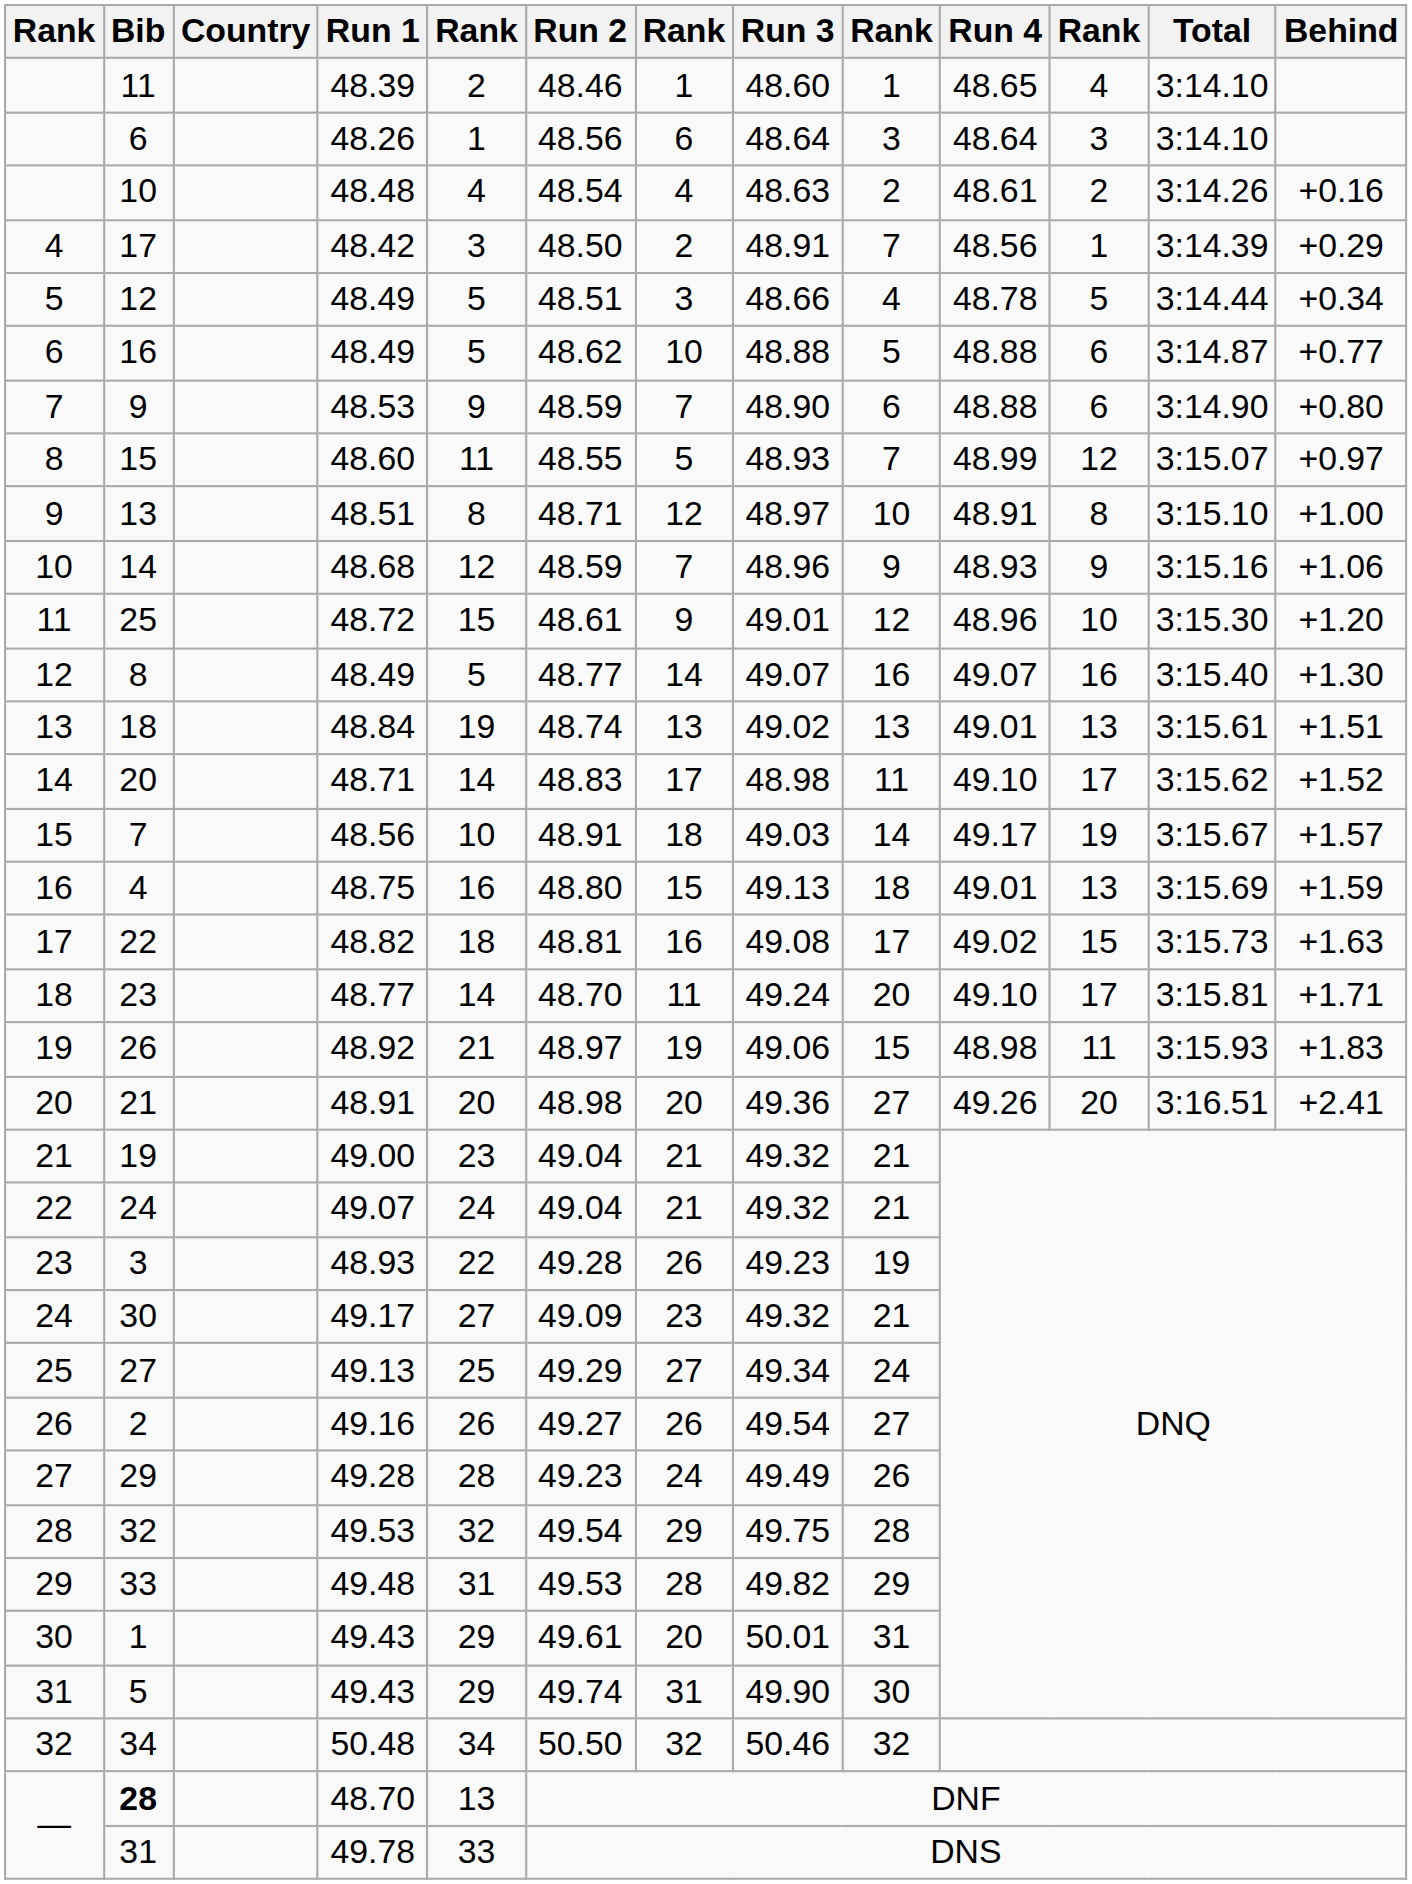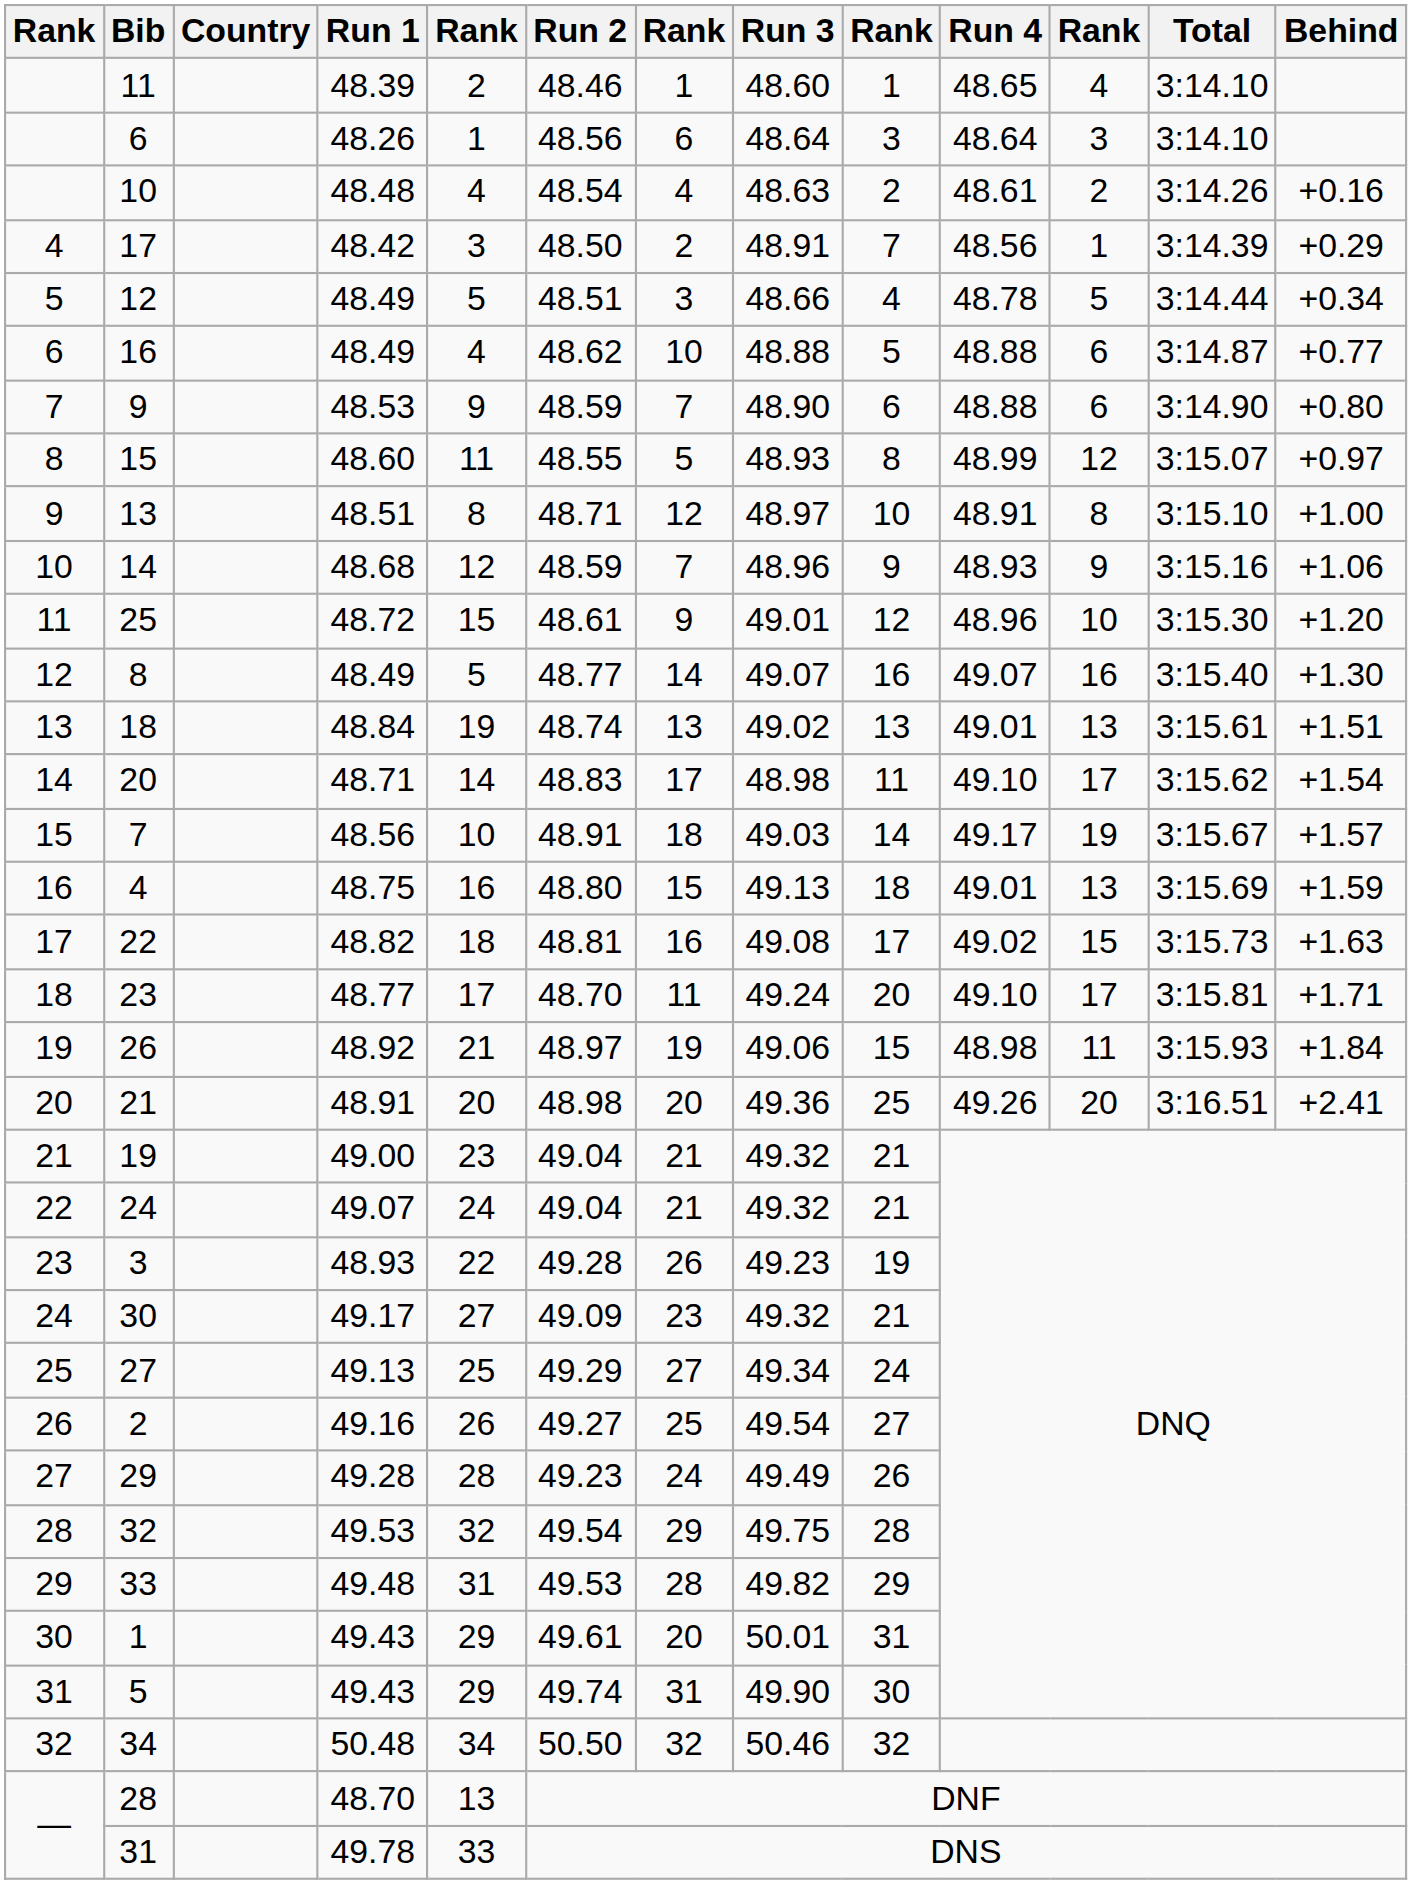 <table class="wikitable sortable" style="text-align:center">
 <tr>
 <th>Rank</th>
 <th>Bib</th>
 <th>Country</th>
 <th>Run 1</th>
 <th>Rank</th>
 <th>Run 2</th>
 <th>Rank</th>
 <th>Run 3</th>
 <th>Rank</th>
 <th>Run 4</th>
 <th>Rank</th>
 <th>Total</th>
 <th>Behind</th>
 </tr>
 <tr>
 <td></td>
 <td>11</td>
 <td align=left></td>
 <td>48.39</td>
 <td>2</td>
 <td>48.46</td>
 <td>1</td>
 <td>48.60</td>
 <td>1</td>
 <td>48.65</td>
 <td>4</td>
 <td>3:14.10</td>
 <td></td>
 </tr>
 <tr>
 <td></td>
 <td>6</td>
 <td align=left></td>
 <td>48.26</td>
 <td>1</td>
 <td>48.56</td>
 <td>6</td>
 <td>48.64</td>
 <td>3</td>
 <td>48.64</td>
 <td>3</td>
 <td>3:14.10</td>
 <td></td>
 </tr>
 <tr>
 <td></td>
 <td>10</td>
 <td align=left></td>
 <td>48.48</td>
 <td>4</td>
 <td>48.54</td>
 <td>4</td>
 <td>48.63</td>
 <td>2</td>
 <td>48.61</td>
 <td>2</td>
 <td>3:14.26</td>
 <td>+0.16</td>
 </tr>
 <tr>
 <td>4</td>
 <td>17</td>
 <td align=left></td>
 <td>48.42</td>
 <td>3</td>
 <td>48.50</td>
 <td>2</td>
 <td>48.91</td>
 <td>7</td>
 <td>48.56</td>
 <td>1</td>
 <td>3:14.39</td>
 <td>+0.29</td>
 </tr>
 <tr>
 <td>5</td>
 <td>12</td>
 <td align=left></td>
 <td>48.49</td>
 <td>5</td>
 <td>48.51</td>
 <td>3</td>
 <td>48.66</td>
 <td>4</td>
 <td>48.78</td>
 <td>5</td>
 <td>3:14.44</td>
 <td>+0.34</td>
 </tr>
 <tr>
 <td>6</td>
 <td>16</td>
 <td align=left></td>
 <td>48.49</td>
-<td>5</td>
+<td>4</td>
 <td>48.62</td>
 <td>10</td>
 <td>48.88</td>
 <td>5</td>
 <td>48.88</td>
 <td>6</td>
 <td>3:14.87</td>
 <td>+0.77</td>
 </tr>
 <tr>
 <td>7</td>
 <td>9</td>
 <td align=left></td>
 <td>48.53</td>
 <td>9</td>
 <td>48.59</td>
 <td>7</td>
 <td>48.90</td>
 <td>6</td>
 <td>48.88</td>
 <td>6</td>
 <td>3:14.90</td>
 <td>+0.80</td>
 </tr>
 <tr>
 <td>8</td>
 <td>15</td>
 <td align=left></td>
 <td>48.60</td>
 <td>11</td>
 <td>48.55</td>
 <td>5</td>
 <td>48.93</td>
-<td>7</td>
+<td>8</td>
 <td>48.99</td>
 <td>12</td>
 <td>3:15.07</td>
 <td>+0.97</td>
 </tr>
 <tr>
 <td>9</td>
 <td>13</td>
 <td align=left></td>
 <td>48.51</td>
 <td>8</td>
 <td>48.71</td>
 <td>12</td>
 <td>48.97</td>
 <td>10</td>
 <td>48.91</td>
 <td>8</td>
 <td>3:15.10</td>
 <td>+1.00</td>
 </tr>
 <tr>
 <td>10</td>
 <td>14</td>
 <td align=left></td>
 <td>48.68</td>
 <td>12</td>
 <td>48.59</td>
 <td>7</td>
 <td>48.96</td>
 <td>9</td>
 <td>48.93</td>
 <td>9</td>
 <td>3:15.16</td>
 <td>+1.06</td>
 </tr>
 <tr>
 <td>11</td>
 <td>25</td>
 <td align=left></td>
 <td>48.72</td>
 <td>15</td>
 <td>48.61</td>
 <td>9</td>
 <td>49.01</td>
 <td>12</td>
 <td>48.96</td>
 <td>10</td>
 <td>3:15.30</td>
 <td>+1.20</td>
 </tr>
 <tr>
 <td>12</td>
 <td>8</td>
 <td align=left></td>
 <td>48.49</td>
 <td>5</td>
 <td>48.77</td>
 <td>14</td>
 <td>49.07</td>
 <td>16</td>
 <td>49.07</td>
 <td>16</td>
 <td>3:15.40</td>
 <td>+1.30</td>
 </tr>
 <tr>
 <td>13</td>
 <td>18</td>
 <td align=left></td>
 <td>48.84</td>
 <td>19</td>
 <td>48.74</td>
 <td>13</td>
 <td>49.02</td>
 <td>13</td>
 <td>49.01</td>
 <td>13</td>
 <td>3:15.61</td>
 <td>+1.51</td>
 </tr>
 <tr>
 <td>14</td>
 <td>20</td>
 <td align=left></td>
 <td>48.71</td>
 <td>14</td>
 <td>48.83</td>
 <td>17</td>
 <td>48.98</td>
 <td>11</td>
 <td>49.10</td>
 <td>17</td>
 <td>3:15.62</td>
-<td>+1.52</td>
+<td>+1.54</td>
 </tr>
 <tr>
 <td>15</td>
 <td>7</td>
 <td align=left></td>
 <td>48.56</td>
 <td>10</td>
 <td>48.91</td>
 <td>18</td>
 <td>49.03</td>
 <td>14</td>
 <td>49.17</td>
 <td>19</td>
 <td>3:15.67</td>
 <td>+1.57</td>
 </tr>
 <tr>
 <td>16</td>
 <td>4</td>
 <td align=left></td>
 <td>48.75</td>
 <td>16</td>
 <td>48.80</td>
 <td>15</td>
 <td>49.13</td>
 <td>18</td>
 <td>49.01</td>
 <td>13</td>
 <td>3:15.69</td>
 <td>+1.59</td>
 </tr>
 <tr>
 <td>17</td>
 <td>22</td>
 <td align=left></td>
 <td>48.82</td>
 <td>18</td>
 <td>48.81</td>
 <td>16</td>
 <td>49.08</td>
 <td>17</td>
 <td>49.02</td>
 <td>15</td>
 <td>3:15.73</td>
 <td>+1.63</td>
 </tr>
 <tr>
 <td>18</td>
 <td>23</td>
 <td align=left></td>
 <td>48.77</td>
-<td>14</td>
+<td>17</td>
 <td>48.70</td>
 <td>11</td>
 <td>49.24</td>
 <td>20</td>
 <td>49.10</td>
 <td>17</td>
 <td>3:15.81</td>
 <td>+1.71</td>
 </tr>
 <tr>
 <td>19</td>
 <td>26</td>
 <td align=left></td>
 <td>48.92</td>
 <td>21</td>
 <td>48.97</td>
 <td>19</td>
 <td>49.06</td>
 <td>15</td>
 <td>48.98</td>
 <td>11</td>
 <td>3:15.93</td>
-<td>+1.83</td>
+<td>+1.84</td>
 </tr>
 <tr>
 <td>20</td>
 <td>21</td>
 <td align=left></td>
 <td>48.91</td>
 <td>20</td>
 <td>48.98</td>
 <td>20</td>
 <td>49.36</td>
-<td>27</td>
+<td>25</td>
 <td>49.26</td>
 <td>20</td>
 <td>3:16.51</td>
 <td>+2.41</td>
 </tr>
 <tr>
 <td>21</td>
 <td>19</td>
 <td align=left></td>
 <td>49.00</td>
 <td>23</td>
 <td>49.04</td>
 <td>21</td>
 <td>49.32</td>
 <td>21</td>
 <td rowspan=11 colspan=4>DNQ</td>
 </tr>
 <tr>
 <td>22</td>
 <td>24</td>
 <td align=left></td>
 <td>49.07</td>
 <td>24</td>
 <td>49.04</td>
 <td>21</td>
 <td>49.32</td>
 <td>21</td>
 </tr>
 <tr>
 <td>23</td>
 <td>3</td>
 <td align=left></td>
 <td>48.93</td>
 <td>22</td>
 <td>49.28</td>
 <td>26</td>
 <td>49.23</td>
 <td>19</td>
 </tr>
 <tr>
 <td>24</td>
 <td>30</td>
 <td align=left></td>
 <td>49.17</td>
 <td>27</td>
 <td>49.09</td>
 <td>23</td>
 <td>49.32</td>
 <td>21</td>
 </tr>
 <tr>
 <td>25</td>
 <td>27</td>
 <td align=left></td>
 <td>49.13</td>
 <td>25</td>
 <td>49.29</td>
 <td>27</td>
 <td>49.34</td>
 <td>24</td>
 </tr>
 <tr>
 <td>26</td>
 <td>2</td>
 <td align=left></td>
 <td>49.16</td>
 <td>26</td>
 <td>49.27</td>
-<td>26</td>
+<td>25</td>
 <td>49.54</td>
 <td>27</td>
 </tr>
 <tr>
 <td>27</td>
 <td>29</td>
 <td align=left></td>
 <td>49.28</td>
 <td>28</td>
 <td>49.23</td>
 <td>24</td>
 <td>49.49</td>
 <td>26</td>
 </tr>
 <tr>
 <td>28</td>
 <td>32</td>
 <td align=left></td>
 <td>49.53</td>
 <td>32</td>
 <td>49.54</td>
 <td>29</td>
 <td>49.75</td>
 <td>28</td>
 </tr>
 <tr>
 <td>29</td>
 <td>33</td>
 <td align=left></td>
 <td>49.48</td>
 <td>31</td>
 <td>49.53</td>
 <td>28</td>
 <td>49.82</td>
 <td>29</td>
 </tr>
 <tr>
 <td>30</td>
 <td>1</td>
 <td align=left></td>
 <td>49.43</td>
 <td>29</td>
 <td>49.61</td>
 <td>20</td>
 <td>50.01</td>
 <td>31</td>
 </tr>
 <tr>
 <td>31</td>
 <td>5</td>
 <td align=left></td>
 <td>49.43</td>
 <td>29</td>
 <td>49.74</td>
 <td>31</td>
 <td>49.90</td>
 <td>30</td>
 </tr>
 <tr>
 <td>32</td>
 <td>34</td>
 <td align=left></td>
 <td>50.48</td>
 <td>34</td>
 <td>50.50</td>
 <td>32</td>
 <td>50.46</td>
 <td>32</td>
 </tr>
 <tr>
 <td rowspan=2>—</td>
-<td><strong>28</strong></td>
+<td>28</td>
 <td align=left></td>
 <td>48.70</td>
 <td>13</td>
 <td colspan=8>DNF</td>
 </tr>
 <tr>
 <td>31</td>
 <td align=left></td>
 <td>49.78</td>
 <td>33</td>
 <td colspan=8>DNS</td>
 </tr>
 </table>
